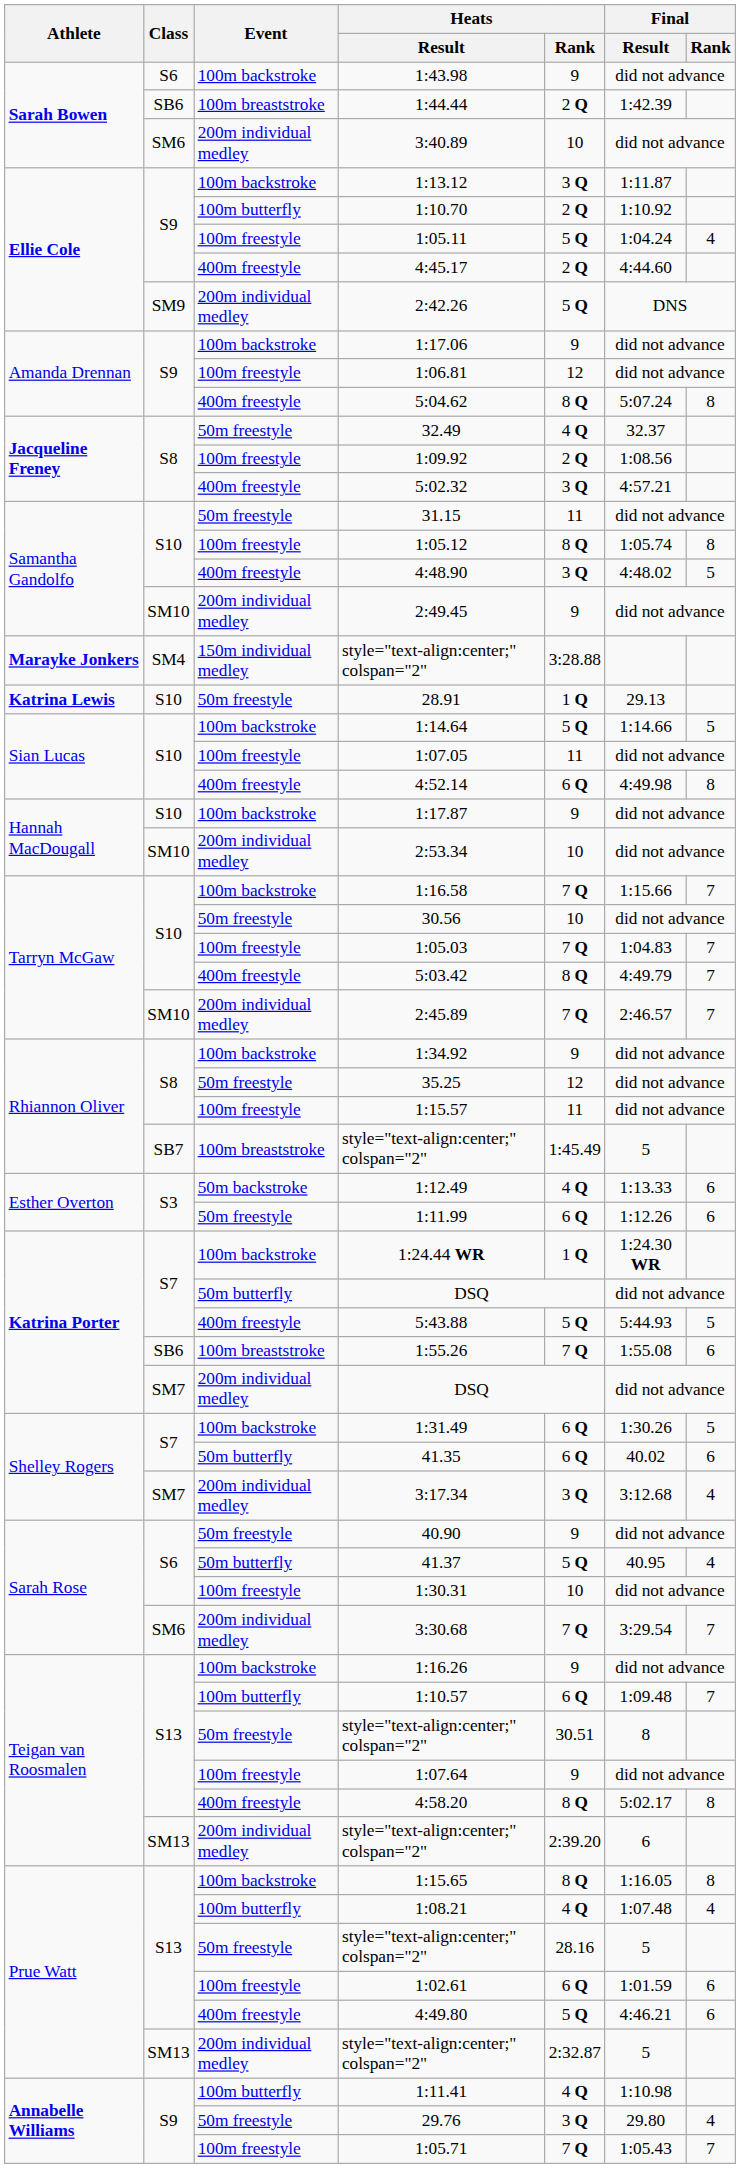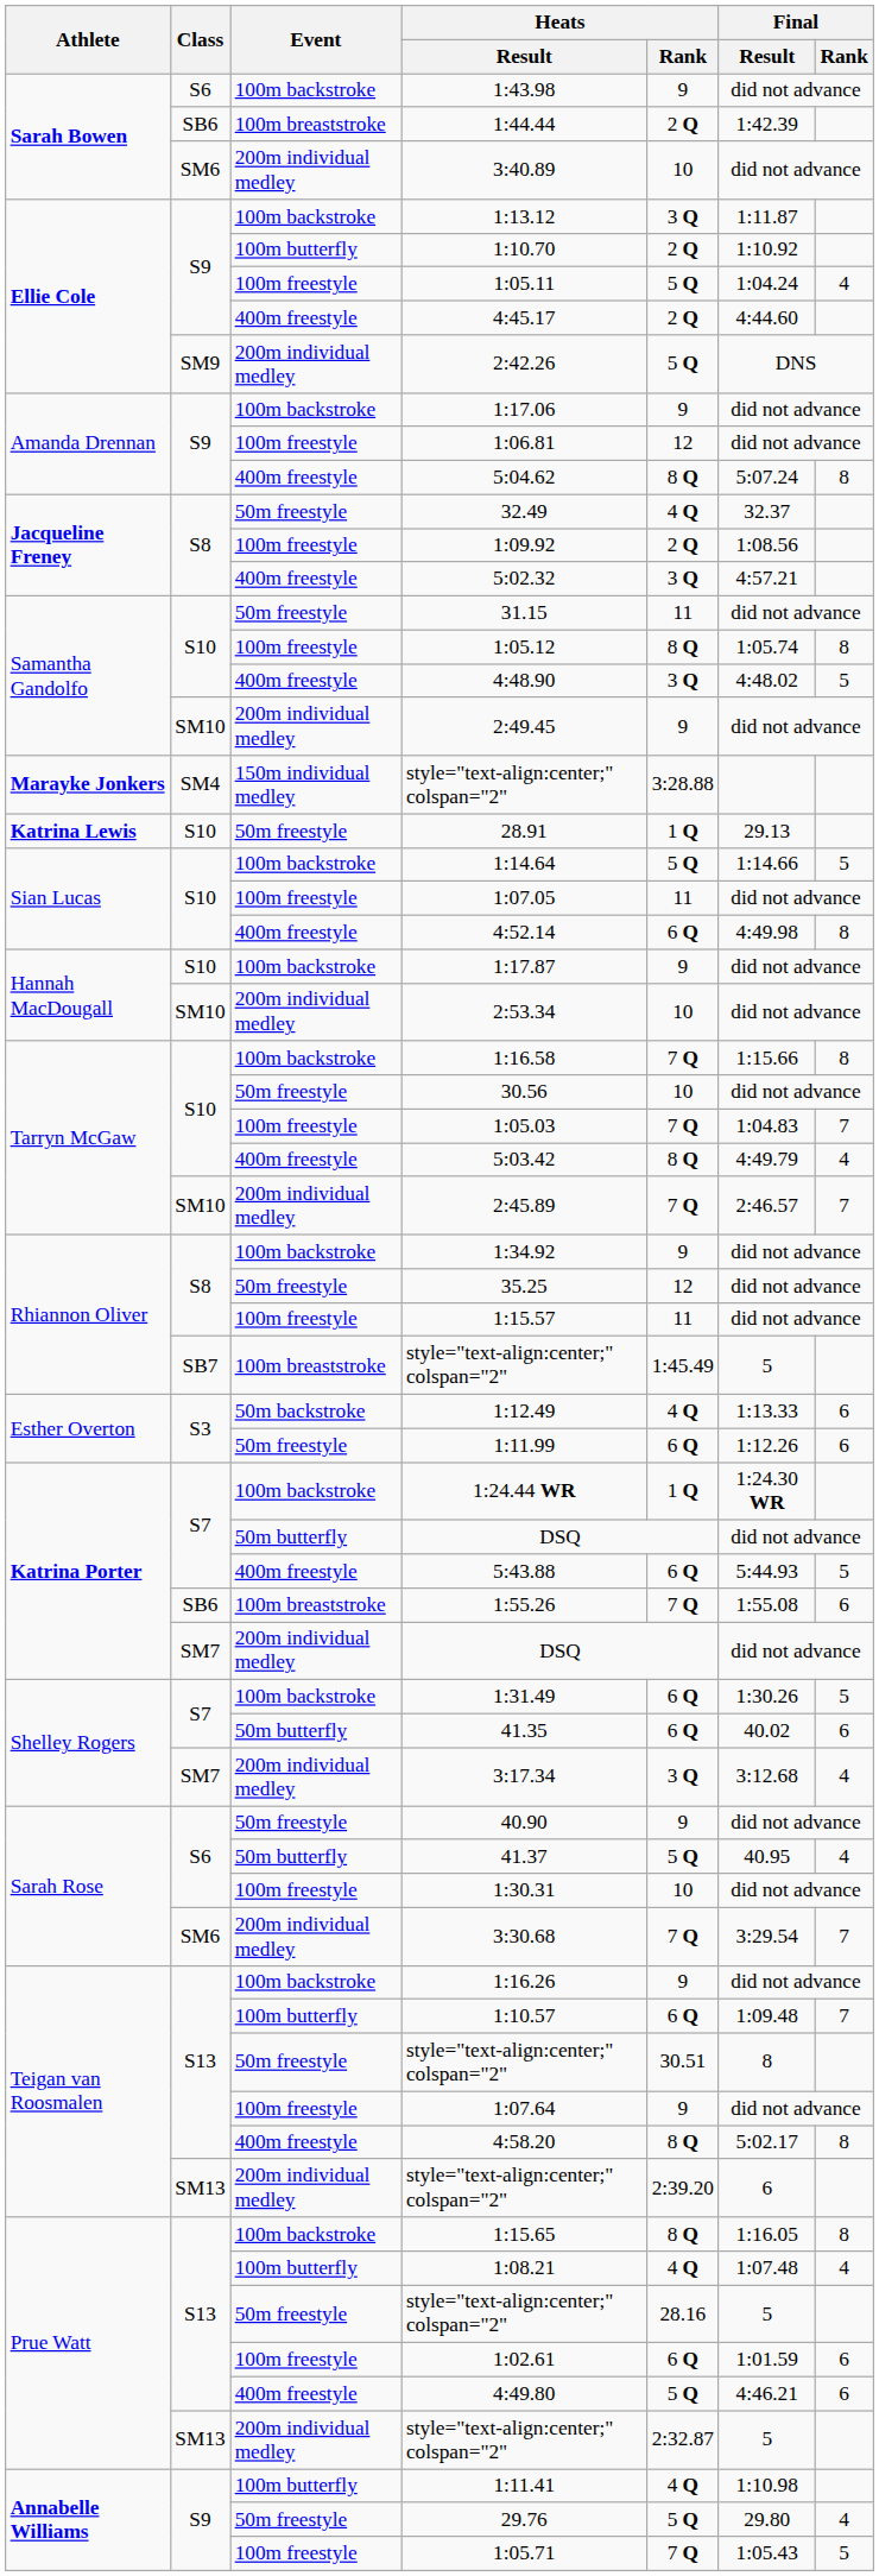 <table class=wikitable style="font-size:90%">
 <tr>
 <th rowspan="2">Athlete</th>
 <th rowspan="2">Class</th>
 <th rowspan="2">Event</th>
 <th colspan="2">Heats</th>
 <th colspan="2">Final</th>
 </tr>
 <tr>
 <th>Result</th>
 <th>Rank</th>
 <th>Result</th>
 <th>Rank</th>
 </tr>
 <tr>
 <td rowspan="3"><strong><a href='#'>Sarah Bowen</a></strong></td>
 <td style="text-align:center;">S6</td>
 <td><a href='#'>100m backstroke</a></td>
 <td style="text-align:center;">1:43.98</td>
 <td style="text-align:center;">9</td>
 <td style="text-align:center;" colspan="2">did not advance</td>
 </tr>
 <tr>
 <td style="text-align:center;">SB6</td>
 <td><a href='#'>100m breaststroke</a></td>
 <td style="text-align:center;">1:44.44</td>
 <td style="text-align:center;">2 <strong>Q</strong></td>
 <td style="text-align:center;">1:42.39</td>
 <td style="text-align:center;"></td>
 </tr>
 <tr>
 <td style="text-align:center;">SM6</td>
 <td><a href='#'>200m individual medley</a></td>
 <td style="text-align:center;">3:40.89</td>
 <td style="text-align:center;">10</td>
 <td style="text-align:center;" colspan="2">did not advance</td>
 </tr>
 <tr>
 <td rowspan="5"><strong><a href='#'>Ellie Cole</a></strong></td>
 <td rowspan="4" style="text-align:center;">S9</td>
 <td><a href='#'>100m backstroke</a></td>
 <td style="text-align:center;">1:13.12</td>
 <td style="text-align:center;">3 <strong>Q</strong></td>
 <td style="text-align:center;">1:11.87</td>
 <td style="text-align:center;"></td>
 </tr>
 <tr>
 <td><a href='#'>100m butterfly</a></td>
 <td style="text-align:center;">1:10.70</td>
 <td style="text-align:center;">2 <strong>Q</strong></td>
 <td style="text-align:center;">1:10.92</td>
 <td style="text-align:center;"></td>
 </tr>
 <tr>
 <td><a href='#'>100m freestyle</a></td>
 <td style="text-align:center;">1:05.11</td>
 <td style="text-align:center;">5 <strong>Q</strong></td>
 <td style="text-align:center;">1:04.24</td>
 <td style="text-align:center;">4</td>
 </tr>
 <tr>
 <td><a href='#'>400m freestyle</a></td>
 <td style="text-align:center;">4:45.17</td>
 <td style="text-align:center;">2 <strong>Q</strong></td>
 <td style="text-align:center;">4:44.60</td>
 <td style="text-align:center;"></td>
 </tr>
 <tr>
 <td style="text-align:center;">SM9</td>
 <td><a href='#'>200m individual medley</a></td>
 <td style="text-align:center;">2:42.26</td>
 <td style="text-align:center;">5 <strong>Q</strong></td>
 <td style="text-align:center;" colspan="2">DNS</td>
 </tr>
 <tr>
 <td rowspan="3"><a href='#'>Amanda Drennan</a></td>
 <td rowspan="3" style="text-align:center;">S9</td>
 <td><a href='#'>100m backstroke</a></td>
 <td style="text-align:center;">1:17.06</td>
 <td style="text-align:center;">9</td>
 <td style="text-align:center;" colspan="2">did not advance</td>
 </tr>
 <tr>
 <td><a href='#'>100m freestyle</a></td>
 <td style="text-align:center;">1:06.81</td>
 <td style="text-align:center;">12</td>
 <td style="text-align:center;" colspan="2">did not advance</td>
 </tr>
 <tr>
 <td><a href='#'>400m freestyle</a></td>
 <td style="text-align:center;">5:04.62</td>
 <td style="text-align:center;">8 <strong>Q</strong></td>
 <td style="text-align:center;">5:07.24</td>
 <td style="text-align:center;">8</td>
 </tr>
 <tr>
 <td rowspan="3"><strong><a href='#'>Jacqueline Freney</a></strong></td>
 <td rowspan="3" style="text-align:center;">S8</td>
 <td><a href='#'>50m freestyle</a></td>
 <td style="text-align:center;">32.49</td>
 <td style="text-align:center;">4 <strong>Q</strong></td>
 <td style="text-align:center;">32.37</td>
 <td style="text-align:center;"></td>
 </tr>
 <tr>
 <td><a href='#'>100m freestyle</a></td>
 <td style="text-align:center;">1:09.92</td>
 <td style="text-align:center;">2 <strong>Q</strong></td>
 <td style="text-align:center;">1:08.56</td>
 <td style="text-align:center;"></td>
 </tr>
 <tr>
 <td><a href='#'>400m freestyle</a></td>
 <td style="text-align:center;">5:02.32</td>
 <td style="text-align:center;">3 <strong>Q</strong></td>
 <td style="text-align:center;">4:57.21</td>
 <td style="text-align:center;"></td>
 </tr>
 <tr>
 <td rowspan="4"><a href='#'>Samantha Gandolfo</a></td>
 <td rowspan="3" style="text-align:center;">S10</td>
 <td><a href='#'>50m freestyle</a></td>
 <td style="text-align:center;">31.15</td>
 <td style="text-align:center;">11</td>
 <td style="text-align:center;" colspan="2">did not advance</td>
 </tr>
 <tr>
 <td><a href='#'>100m freestyle</a></td>
 <td style="text-align:center;">1:05.12</td>
 <td style="text-align:center;">8 <strong>Q</strong></td>
 <td style="text-align:center;">1:05.74</td>
 <td style="text-align:center;">8</td>
 </tr>
 <tr>
 <td><a href='#'>400m freestyle</a></td>
 <td style="text-align:center;">4:48.90</td>
 <td style="text-align:center;">3 <strong>Q</strong></td>
 <td style="text-align:center;">4:48.02</td>
 <td style="text-align:center;">5</td>
 </tr>
 <tr>
 <td style="text-align:center;">SM10</td>
 <td><a href='#'>200m individual medley</a></td>
 <td style="text-align:center;">2:49.45</td>
 <td style="text-align:center;">9</td>
 <td style="text-align:center;" colspan="2">did not advance</td>
 </tr>
 <tr>
 <td><strong><a href='#'>Marayke Jonkers</a></strong></td>
 <td style="text-align:center;">SM4</td>
 <td><a href='#'>150m individual medley</a></td>
 <td>style="text-align:center;" colspan="2" </td>
 <td style="text-align:center;">3:28.88</td>
 <td style="text-align:center;"></td>
 </tr>
 <tr>
 <td><strong><a href='#'>Katrina Lewis</a></strong></td>
 <td style="text-align:center;">S10</td>
 <td><a href='#'>50m freestyle</a></td>
 <td style="text-align:center;">28.91</td>
 <td style="text-align:center;">1 <strong>Q</strong></td>
 <td style="text-align:center;">29.13</td>
 <td style="text-align:center;"></td>
 </tr>
 <tr>
 <td rowspan="3"><a href='#'>Sian Lucas</a></td>
 <td rowspan="3" style="text-align:center;">S10</td>
 <td><a href='#'>100m backstroke</a></td>
 <td style="text-align:center;">1:14.64</td>
 <td style="text-align:center;">5 <strong>Q</strong></td>
 <td style="text-align:center;">1:14.66</td>
 <td style="text-align:center;">5</td>
 </tr>
 <tr>
 <td><a href='#'>100m freestyle</a></td>
 <td style="text-align:center;">1:07.05</td>
 <td style="text-align:center;">11</td>
 <td style="text-align:center;" colspan="2">did not advance</td>
 </tr>
 <tr>
 <td><a href='#'>400m freestyle</a></td>
 <td style="text-align:center;">4:52.14</td>
 <td style="text-align:center;">6 <strong>Q</strong></td>
 <td style="text-align:center;">4:49.98</td>
 <td style="text-align:center;">8</td>
 </tr>
 <tr>
 <td rowspan="2"><a href='#'>Hannah MacDougall</a></td>
 <td style="text-align:center;">S10</td>
 <td><a href='#'>100m backstroke</a></td>
 <td style="text-align:center;">1:17.87</td>
 <td style="text-align:center;">9</td>
 <td style="text-align:center;" colspan="2">did not advance</td>
 </tr>
 <tr>
 <td style="text-align:center;">SM10</td>
 <td><a href='#'>200m individual medley</a></td>
 <td style="text-align:center;">2:53.34</td>
 <td style="text-align:center;">10</td>
 <td style="text-align:center;" colspan="2">did not advance</td>
 </tr>
 <tr>
 <td rowspan="5"><a href='#'>Tarryn McGaw</a></td>
 <td rowspan="4" style="text-align:center;">S10</td>
 <td><a href='#'>100m backstroke</a></td>
 <td style="text-align:center;">1:16.58</td>
 <td style="text-align:center;">7 <strong>Q</strong></td>
 <td style="text-align:center;">1:15.66</td>
-<td style="text-align:center;">7</td>
+<td style="text-align:center;">8</td>
 </tr>
 <tr>
 <td><a href='#'>50m freestyle</a></td>
 <td style="text-align:center;">30.56</td>
 <td style="text-align:center;">10</td>
 <td style="text-align:center;" colspan="2">did not advance</td>
 </tr>
 <tr>
 <td><a href='#'>100m freestyle</a></td>
 <td style="text-align:center;">1:05.03</td>
 <td style="text-align:center;">7 <strong>Q</strong></td>
 <td style="text-align:center;">1:04.83</td>
 <td style="text-align:center;">7</td>
 </tr>
 <tr>
 <td><a href='#'>400m freestyle</a></td>
 <td style="text-align:center;">5:03.42</td>
 <td style="text-align:center;">8 <strong>Q</strong></td>
 <td style="text-align:center;">4:49.79</td>
-<td style="text-align:center;">7</td>
+<td style="text-align:center;">4</td>
 </tr>
 <tr>
 <td style="text-align:center;">SM10</td>
 <td><a href='#'>200m individual medley</a></td>
 <td style="text-align:center;">2:45.89</td>
 <td style="text-align:center;">7 <strong>Q</strong></td>
 <td style="text-align:center;">2:46.57</td>
 <td style="text-align:center;">7</td>
 </tr>
 <tr>
 <td rowspan="4"><a href='#'>Rhiannon Oliver</a></td>
 <td rowspan="3" style="text-align:center;">S8</td>
 <td><a href='#'>100m backstroke</a></td>
 <td style="text-align:center;">1:34.92</td>
 <td style="text-align:center;">9</td>
 <td style="text-align:center;" colspan="2">did not advance</td>
 </tr>
 <tr>
 <td><a href='#'>50m freestyle</a></td>
 <td style="text-align:center;">35.25</td>
 <td style="text-align:center;">12</td>
 <td style="text-align:center;" colspan="2">did not advance</td>
 </tr>
 <tr>
 <td><a href='#'>100m freestyle</a></td>
 <td style="text-align:center;">1:15.57</td>
 <td style="text-align:center;">11</td>
 <td style="text-align:center;" colspan="2">did not advance</td>
 </tr>
 <tr>
 <td style="text-align:center;">SB7</td>
 <td><a href='#'>100m breaststroke</a></td>
 <td>style="text-align:center;" colspan="2" </td>
 <td style="text-align:center;">1:45.49</td>
 <td style="text-align:center;">5</td>
 </tr>
 <tr>
 <td rowspan="2"><a href='#'>Esther Overton</a></td>
 <td rowspan="2" style="text-align:center;">S3</td>
 <td><a href='#'>50m backstroke</a></td>
 <td style="text-align:center;">1:12.49</td>
 <td style="text-align:center;">4 <strong>Q</strong></td>
 <td style="text-align:center;">1:13.33</td>
 <td style="text-align:center;">6</td>
 </tr>
 <tr>
 <td><a href='#'>50m freestyle</a></td>
 <td style="text-align:center;">1:11.99</td>
 <td style="text-align:center;">6 <strong>Q</strong></td>
 <td style="text-align:center;">1:12.26</td>
 <td style="text-align:center;">6</td>
 </tr>
 <tr>
 <td rowspan="5"><strong><a href='#'>Katrina Porter</a></strong></td>
 <td rowspan="3" style="text-align:center;">S7</td>
 <td><a href='#'>100m backstroke</a></td>
 <td style="text-align:center;">1:24.44 <strong>WR</strong></td>
 <td style="text-align:center;">1 <strong>Q</strong></td>
 <td style="text-align:center;">1:24.30 <strong>WR</strong></td>
 <td style="text-align:center;"></td>
 </tr>
 <tr>
 <td><a href='#'>50m butterfly</a></td>
 <td style="text-align:center;" colspan="2">DSQ</td>
 <td style="text-align:center;" colspan="2">did not advance</td>
 </tr>
 <tr>
 <td><a href='#'>400m freestyle</a></td>
 <td style="text-align:center;">5:43.88</td>
-<td style="text-align:center;">5 <strong>Q</strong></td>
+<td style="text-align:center;">6 <strong>Q</strong></td>
 <td style="text-align:center;">5:44.93</td>
 <td style="text-align:center;">5</td>
 </tr>
 <tr>
 <td style="text-align:center;">SB6</td>
 <td><a href='#'>100m breaststroke</a></td>
 <td style="text-align:center;">1:55.26</td>
 <td style="text-align:center;">7 <strong>Q</strong></td>
 <td style="text-align:center;">1:55.08</td>
 <td style="text-align:center;">6</td>
 </tr>
 <tr>
 <td style="text-align:center;">SM7</td>
 <td><a href='#'>200m individual medley</a></td>
 <td style="text-align:center;" colspan="2">DSQ</td>
 <td style="text-align:center;" colspan="2">did not advance</td>
 </tr>
 <tr>
 <td rowspan="3"><a href='#'>Shelley Rogers</a></td>
 <td rowspan="2" style="text-align:center;">S7</td>
 <td><a href='#'>100m backstroke</a></td>
 <td style="text-align:center;">1:31.49</td>
 <td style="text-align:center;">6 <strong>Q</strong></td>
 <td style="text-align:center;">1:30.26</td>
 <td style="text-align:center;">5</td>
 </tr>
 <tr>
 <td><a href='#'>50m butterfly</a></td>
 <td style="text-align:center;">41.35</td>
 <td style="text-align:center;">6 <strong>Q</strong></td>
 <td style="text-align:center;">40.02</td>
 <td style="text-align:center;">6</td>
 </tr>
 <tr>
 <td style="text-align:center;">SM7</td>
 <td><a href='#'>200m individual medley</a></td>
 <td style="text-align:center;">3:17.34</td>
 <td style="text-align:center;">3 <strong>Q</strong></td>
 <td style="text-align:center;">3:12.68</td>
 <td style="text-align:center;">4</td>
 </tr>
 <tr>
 <td rowspan="4"><a href='#'>Sarah Rose</a></td>
 <td rowspan="3" style="text-align:center;">S6</td>
 <td><a href='#'>50m freestyle</a></td>
 <td style="text-align:center;">40.90</td>
 <td style="text-align:center;">9</td>
 <td style="text-align:center;" colspan="2">did not advance</td>
 </tr>
 <tr>
 <td><a href='#'>50m butterfly</a></td>
 <td style="text-align:center;">41.37</td>
 <td style="text-align:center;">5 <strong>Q</strong></td>
 <td style="text-align:center;">40.95</td>
 <td style="text-align:center;">4</td>
 </tr>
 <tr>
 <td><a href='#'>100m freestyle</a></td>
 <td style="text-align:center;">1:30.31</td>
 <td style="text-align:center;">10</td>
 <td style="text-align:center;" colspan="2">did not advance</td>
 </tr>
 <tr>
 <td style="text-align:center;">SM6</td>
 <td><a href='#'>200m individual medley</a></td>
 <td style="text-align:center;">3:30.68</td>
 <td style="text-align:center;">7 <strong>Q</strong></td>
 <td style="text-align:center;">3:29.54</td>
 <td style="text-align:center;">7</td>
 </tr>
 <tr>
 <td rowspan="6"><a href='#'>Teigan van Roosmalen</a></td>
 <td rowspan="5" style="text-align:center;">S13</td>
 <td><a href='#'>100m backstroke</a></td>
 <td style="text-align:center;">1:16.26</td>
 <td style="text-align:center;">9</td>
 <td style="text-align:center;" colspan="2">did not advance</td>
 </tr>
 <tr>
 <td><a href='#'>100m butterfly</a></td>
 <td style="text-align:center;">1:10.57</td>
 <td style="text-align:center;">6 <strong>Q</strong></td>
 <td style="text-align:center;">1:09.48</td>
 <td style="text-align:center;">7</td>
 </tr>
 <tr>
 <td><a href='#'>50m freestyle</a></td>
 <td>style="text-align:center;" colspan="2" </td>
 <td style="text-align:center;">30.51</td>
 <td style="text-align:center;">8</td>
 </tr>
 <tr>
 <td><a href='#'>100m freestyle</a></td>
 <td style="text-align:center;">1:07.64</td>
 <td style="text-align:center;">9</td>
 <td style="text-align:center;" colspan="2">did not advance</td>
 </tr>
 <tr>
 <td><a href='#'>400m freestyle</a></td>
 <td style="text-align:center;">4:58.20</td>
 <td style="text-align:center;">8 <strong>Q</strong></td>
 <td style="text-align:center;">5:02.17</td>
 <td style="text-align:center;">8</td>
 </tr>
 <tr>
 <td style="text-align:center;">SM13</td>
 <td><a href='#'>200m individual medley</a></td>
 <td>style="text-align:center;" colspan="2" </td>
 <td style="text-align:center;">2:39.20</td>
 <td style="text-align:center;">6</td>
 </tr>
 <tr>
 <td rowspan="6"><a href='#'>Prue Watt</a></td>
 <td rowspan="5" style="text-align:center;">S13</td>
 <td><a href='#'>100m backstroke</a></td>
 <td style="text-align:center;">1:15.65</td>
 <td style="text-align:center;">8 <strong>Q</strong></td>
 <td style="text-align:center;">1:16.05</td>
 <td style="text-align:center;">8</td>
 </tr>
 <tr>
 <td><a href='#'>100m butterfly</a></td>
 <td style="text-align:center;">1:08.21</td>
 <td style="text-align:center;">4 <strong>Q</strong></td>
 <td style="text-align:center;">1:07.48</td>
 <td style="text-align:center;">4</td>
 </tr>
 <tr>
 <td><a href='#'>50m freestyle</a></td>
 <td>style="text-align:center;" colspan="2" </td>
 <td style="text-align:center;">28.16</td>
 <td style="text-align:center;">5</td>
 </tr>
 <tr>
 <td><a href='#'>100m freestyle</a></td>
 <td style="text-align:center;">1:02.61</td>
 <td style="text-align:center;">6 <strong>Q</strong></td>
 <td style="text-align:center;">1:01.59</td>
 <td style="text-align:center;">6</td>
 </tr>
 <tr>
 <td><a href='#'>400m freestyle</a></td>
 <td style="text-align:center;">4:49.80</td>
 <td style="text-align:center;">5 <strong>Q</strong></td>
 <td style="text-align:center;">4:46.21</td>
 <td style="text-align:center;">6</td>
 </tr>
 <tr>
 <td style="text-align:center;">SM13</td>
 <td><a href='#'>200m individual medley</a></td>
 <td>style="text-align:center;" colspan="2" </td>
 <td style="text-align:center;">2:32.87</td>
 <td style="text-align:center;">5</td>
 </tr>
 <tr>
 <td rowspan="3"><strong><a href='#'>Annabelle Williams</a></strong></td>
 <td rowspan="3" style="text-align:center;">S9</td>
 <td><a href='#'>100m butterfly</a></td>
 <td style="text-align:center;">1:11.41</td>
 <td style="text-align:center;">4 <strong>Q</strong></td>
 <td style="text-align:center;">1:10.98</td>
 <td style="text-align:center;"></td>
 </tr>
 <tr>
 <td><a href='#'>50m freestyle</a></td>
 <td style="text-align:center;">29.76</td>
-<td style="text-align:center;">3 <strong>Q</strong></td>
+<td style="text-align:center;">5 <strong>Q</strong></td>
 <td style="text-align:center;">29.80</td>
 <td style="text-align:center;">4</td>
 </tr>
 <tr>
 <td><a href='#'>100m freestyle</a></td>
 <td style="text-align:center;">1:05.71</td>
 <td style="text-align:center;">7 <strong>Q</strong></td>
 <td style="text-align:center;">1:05.43</td>
-<td style="text-align:center;">7</td>
+<td style="text-align:center;">5</td>
 </tr>
 </table>
